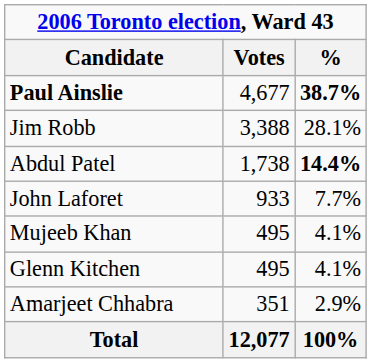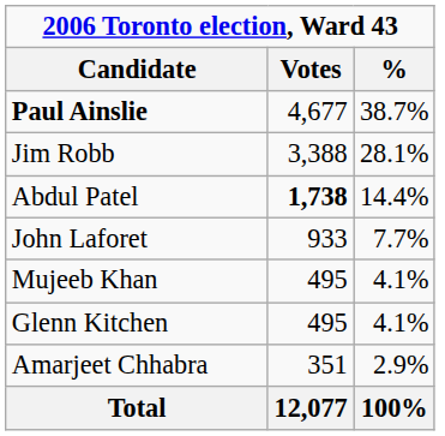 <table class="wikitable">
 <tr>
 <td Colspan="3" align="center"><strong><a href='#'>2006 Toronto election</a>, Ward 43</strong></td>
 </tr>
 <tr>
 <th bgcolor="#DDDDFF" width="150px">Candidate</th>
 <th bgcolor="#DDDDFF">Votes</th>
 <th bgcolor="#DDDDFF">%</th>
 </tr>
 <tr>
 <td><strong>Paul Ainslie</strong></td>
 <td align=right>4,677</td>
-<td align=right><strong>38.7%</strong></td>
+<td align=right>38.7%</td>
 </tr>
 <tr>
 <td>Jim Robb</td>
 <td align=right>3,388</td>
 <td align=right>28.1%</td>
 </tr>
 <tr>
 <td>Abdul Patel</td>
-<td align=right>1,738</td>
-<td align=right><strong>14.4%</strong></td>
+<td align=right><strong>1,738</strong></td>
+<td align=right>14.4%</td>
 </tr>
 <tr>
 <td>John Laforet</td>
 <td align=right>933</td>
 <td align=right>7.7%</td>
 </tr>
 <tr>
 <td>Mujeeb Khan</td>
 <td align=right>495</td>
 <td align=right>4.1%</td>
 </tr>
 <tr>
 <td>Glenn Kitchen</td>
 <td align=right>495</td>
 <td align=right>4.1%</td>
 </tr>
 <tr>
 <td>Amarjeet Chhabra</td>
 <td align=right>351</td>
 <td align=right>2.9%</td>
 </tr>
 <tr>
 <th>Total</th>
 <th align=right>12,077</th>
 <th align=right>100%</th>
 </tr>
 </table>
